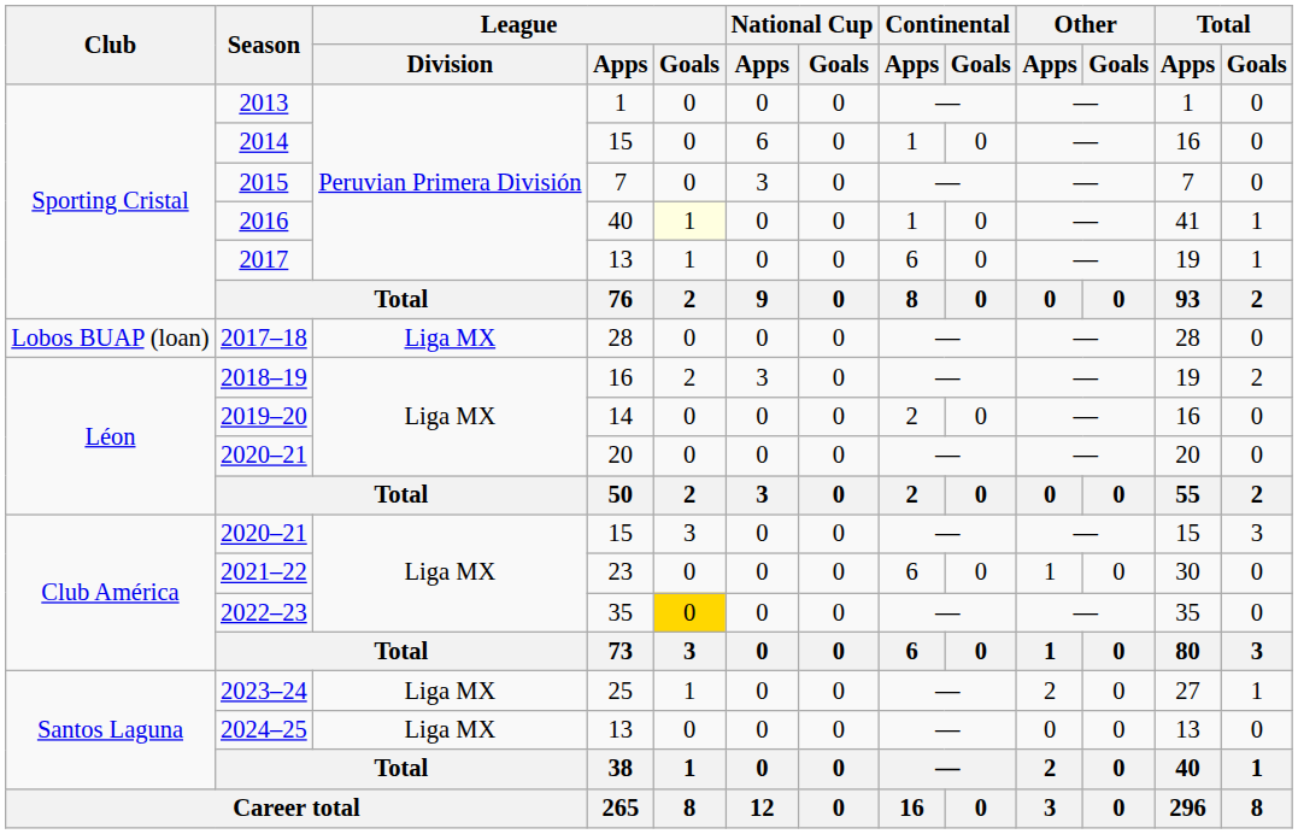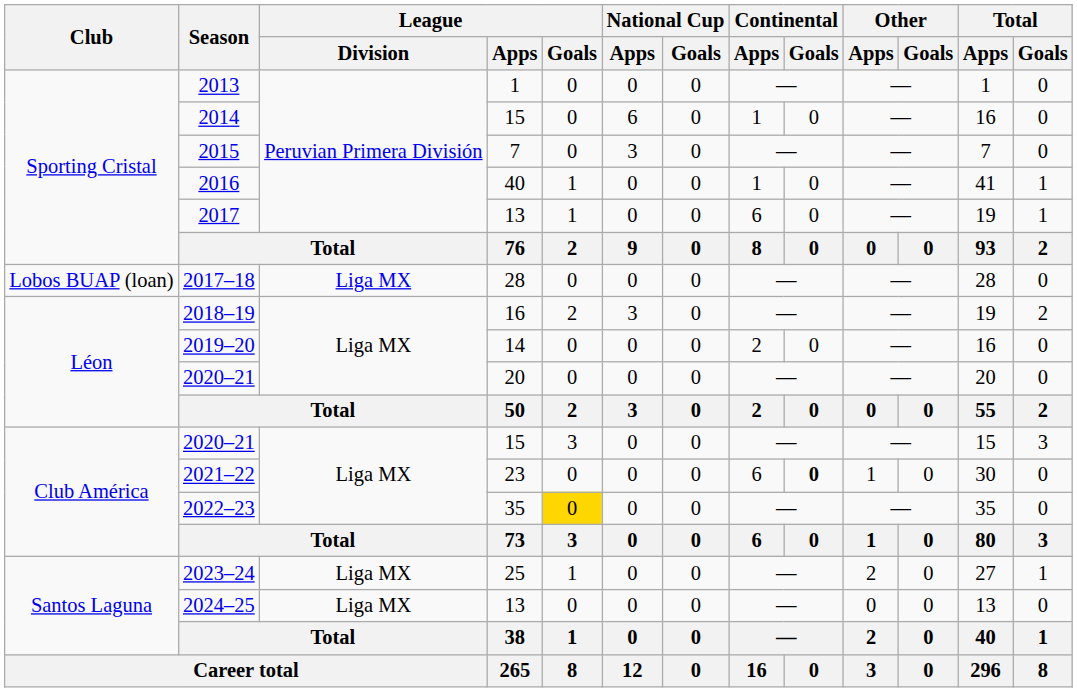 <table class="wikitable", style="text-align:center">
 <tr>
 <th rowspan="2">Club</th>
 <th rowspan="2">Season</th>
 <th colspan="3">League</th>
 <th colspan="2">National Cup</th>
 <th colspan="2">Continental</th>
 <th colspan="2">Other</th>
 <th colspan="2">Total</th>
 </tr>
 <tr>
 <th>Division</th>
 <th>Apps</th>
 <th>Goals</th>
 <th>Apps</th>
 <th>Goals</th>
 <th>Apps</th>
 <th>Goals</th>
 <th>Apps</th>
 <th>Goals</th>
 <th>Apps</th>
 <th>Goals</th>
 </tr>
 <tr>
 <td rowspan="6"><a href='#'>Sporting Cristal</a></td>
 <td><a href='#'>2013</a></td>
 <td rowspan="5"><a href='#'>Peruvian Primera División</a></td>
 <td>1</td>
 <td>0</td>
 <td>0</td>
 <td>0</td>
 <td colspan="2">—</td>
 <td colspan="2">—</td>
 <td>1</td>
 <td>0</td>
 </tr>
 <tr>
 <td><a href='#'>2014</a></td>
 <td>15</td>
 <td>0</td>
 <td>6</td>
 <td>0</td>
 <td>1</td>
 <td>0</td>
 <td colspan="2">—</td>
 <td>16</td>
 <td>0</td>
 </tr>
 <tr>
 <td><a href='#'>2015</a></td>
 <td>7</td>
 <td>0</td>
 <td>3</td>
 <td>0</td>
 <td colspan="2">—</td>
 <td colspan="2">—</td>
 <td>7</td>
 <td>0</td>
 </tr>
 <tr>
 <td><a href='#'>2016</a></td>
 <td>40</td>
-<td style="background: lightyellow;">1</td>
+<td>1</td>
 <td>0</td>
 <td>0</td>
 <td>1</td>
 <td>0</td>
 <td colspan="2">—</td>
 <td>41</td>
 <td>1</td>
 </tr>
 <tr>
 <td><a href='#'>2017</a></td>
 <td>13</td>
 <td>1</td>
 <td>0</td>
 <td>0</td>
 <td>6</td>
 <td>0</td>
 <td colspan="2">—</td>
 <td>19</td>
 <td>1</td>
 </tr>
 <tr>
 <th colspan="2">Total</th>
 <th>76</th>
 <th>2</th>
 <th>9</th>
 <th>0</th>
 <th>8</th>
 <th>0</th>
 <th>0</th>
 <th>0</th>
 <th>93</th>
 <th>2</th>
 </tr>
 <tr>
 <td><a href='#'>Lobos BUAP</a> (loan)</td>
 <td><a href='#'>2017–18</a></td>
 <td><a href='#'>Liga MX</a></td>
 <td>28</td>
 <td>0</td>
 <td>0</td>
 <td>0</td>
 <td colspan="2">—</td>
 <td colspan="2">—</td>
 <td>28</td>
 <td>0</td>
 </tr>
 <tr>
 <td rowspan="4"><a href='#'>Léon</a></td>
 <td><a href='#'>2018–19</a></td>
 <td rowspan="3">Liga MX</td>
 <td>16</td>
 <td>2</td>
 <td>3</td>
 <td>0</td>
 <td colspan="2">—</td>
 <td colspan="2">—</td>
 <td>19</td>
 <td>2</td>
 </tr>
 <tr>
 <td><a href='#'>2019–20</a></td>
 <td>14</td>
 <td>0</td>
 <td>0</td>
 <td>0</td>
 <td>2</td>
 <td>0</td>
 <td colspan="2">—</td>
 <td>16</td>
 <td>0</td>
 </tr>
 <tr>
 <td><a href='#'>2020–21</a></td>
 <td>20</td>
 <td>0</td>
 <td>0</td>
 <td>0</td>
 <td colspan="2">—</td>
 <td colspan="2">—</td>
 <td>20</td>
 <td>0</td>
 </tr>
 <tr>
 <th colspan="2">Total</th>
 <th>50</th>
 <th>2</th>
 <th>3</th>
 <th>0</th>
 <th>2</th>
 <th>0</th>
 <th>0</th>
 <th>0</th>
 <th>55</th>
 <th>2</th>
 </tr>
 <tr>
 <td rowspan="4"><a href='#'>Club América</a></td>
 <td><a href='#'>2020–21</a></td>
 <td rowspan="3">Liga MX</td>
 <td>15</td>
 <td>3</td>
 <td>0</td>
 <td>0</td>
 <td colspan="2">—</td>
 <td colspan="2">—</td>
 <td>15</td>
 <td>3</td>
 </tr>
 <tr>
 <td><a href='#'>2021–22</a></td>
 <td>23</td>
 <td>0</td>
 <td>0</td>
 <td>0</td>
 <td>6</td>
-<td>0</td>
+<td><strong>0</strong></td>
 <td>1</td>
 <td>0</td>
 <td>30</td>
 <td>0</td>
 </tr>
 <tr>
 <td><a href='#'>2022–23</a></td>
 <td>35</td>
 <td style="background: gold;">0</td>
 <td>0</td>
 <td>0</td>
 <td colspan="2">—</td>
 <td colspan="2">—</td>
 <td>35</td>
 <td>0</td>
 </tr>
 <tr>
 <th colspan="2">Total</th>
 <th>73</th>
 <th>3</th>
 <th>0</th>
 <th>0</th>
 <th>6</th>
 <th>0</th>
 <th>1</th>
 <th>0</th>
 <th>80</th>
 <th>3</th>
 </tr>
 <tr>
 <td rowspan="3"><a href='#'>Santos Laguna</a></td>
 <td><a href='#'>2023–24</a></td>
 <td>Liga MX</td>
 <td>25</td>
 <td>1</td>
 <td>0</td>
 <td>0</td>
 <td colspan="2">—</td>
 <td>2</td>
 <td>0</td>
 <td>27</td>
 <td>1</td>
 </tr>
 <tr>
 <td><a href='#'>2024–25</a></td>
 <td>Liga MX</td>
 <td>13</td>
 <td>0</td>
 <td>0</td>
 <td>0</td>
 <td colspan="2">—</td>
 <td>0</td>
 <td>0</td>
 <td>13</td>
 <td>0</td>
 </tr>
 <tr>
 <th colspan="2">Total</th>
 <th>38</th>
 <th>1</th>
 <th>0</th>
 <th>0</th>
 <th colspan="2">—</th>
 <th>2</th>
 <th>0</th>
 <th>40</th>
 <th>1</th>
 </tr>
 <tr>
 <th colspan="3">Career total</th>
 <th>265</th>
 <th>8</th>
 <th>12</th>
 <th>0</th>
 <th>16</th>
 <th>0</th>
 <th>3</th>
 <th>0</th>
 <th>296</th>
 <th>8</th>
 </tr>
 </table>
